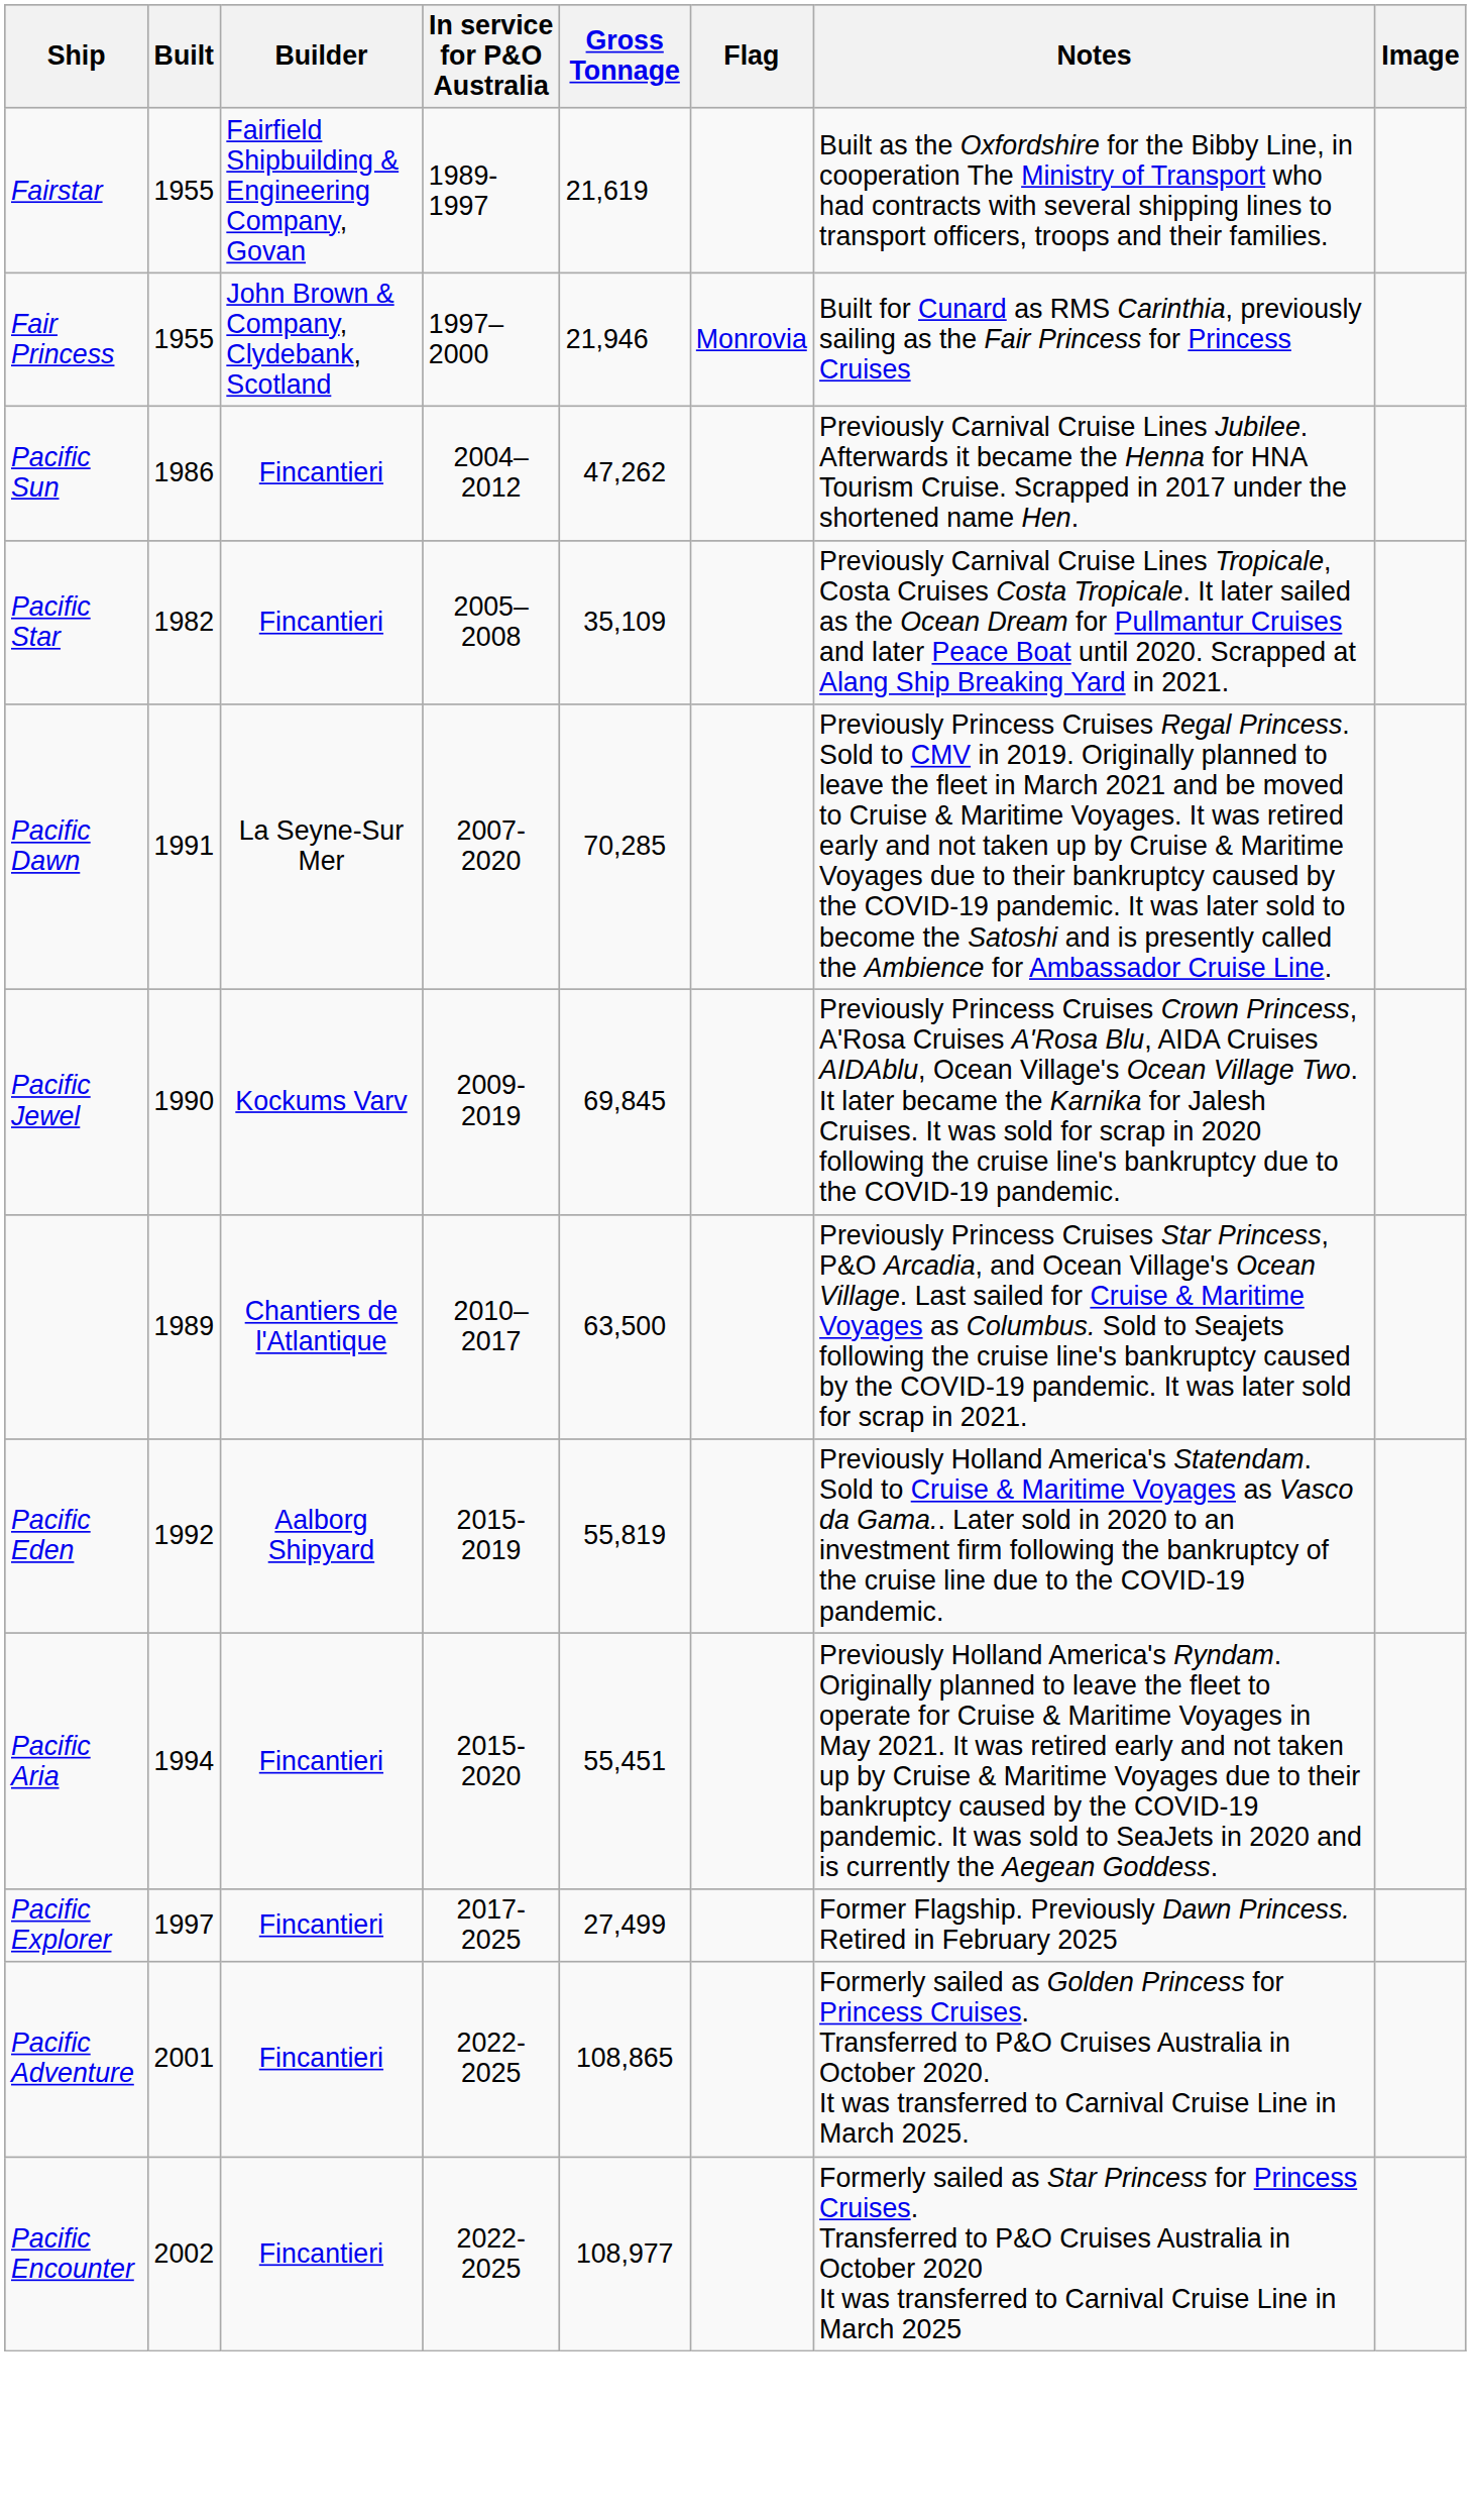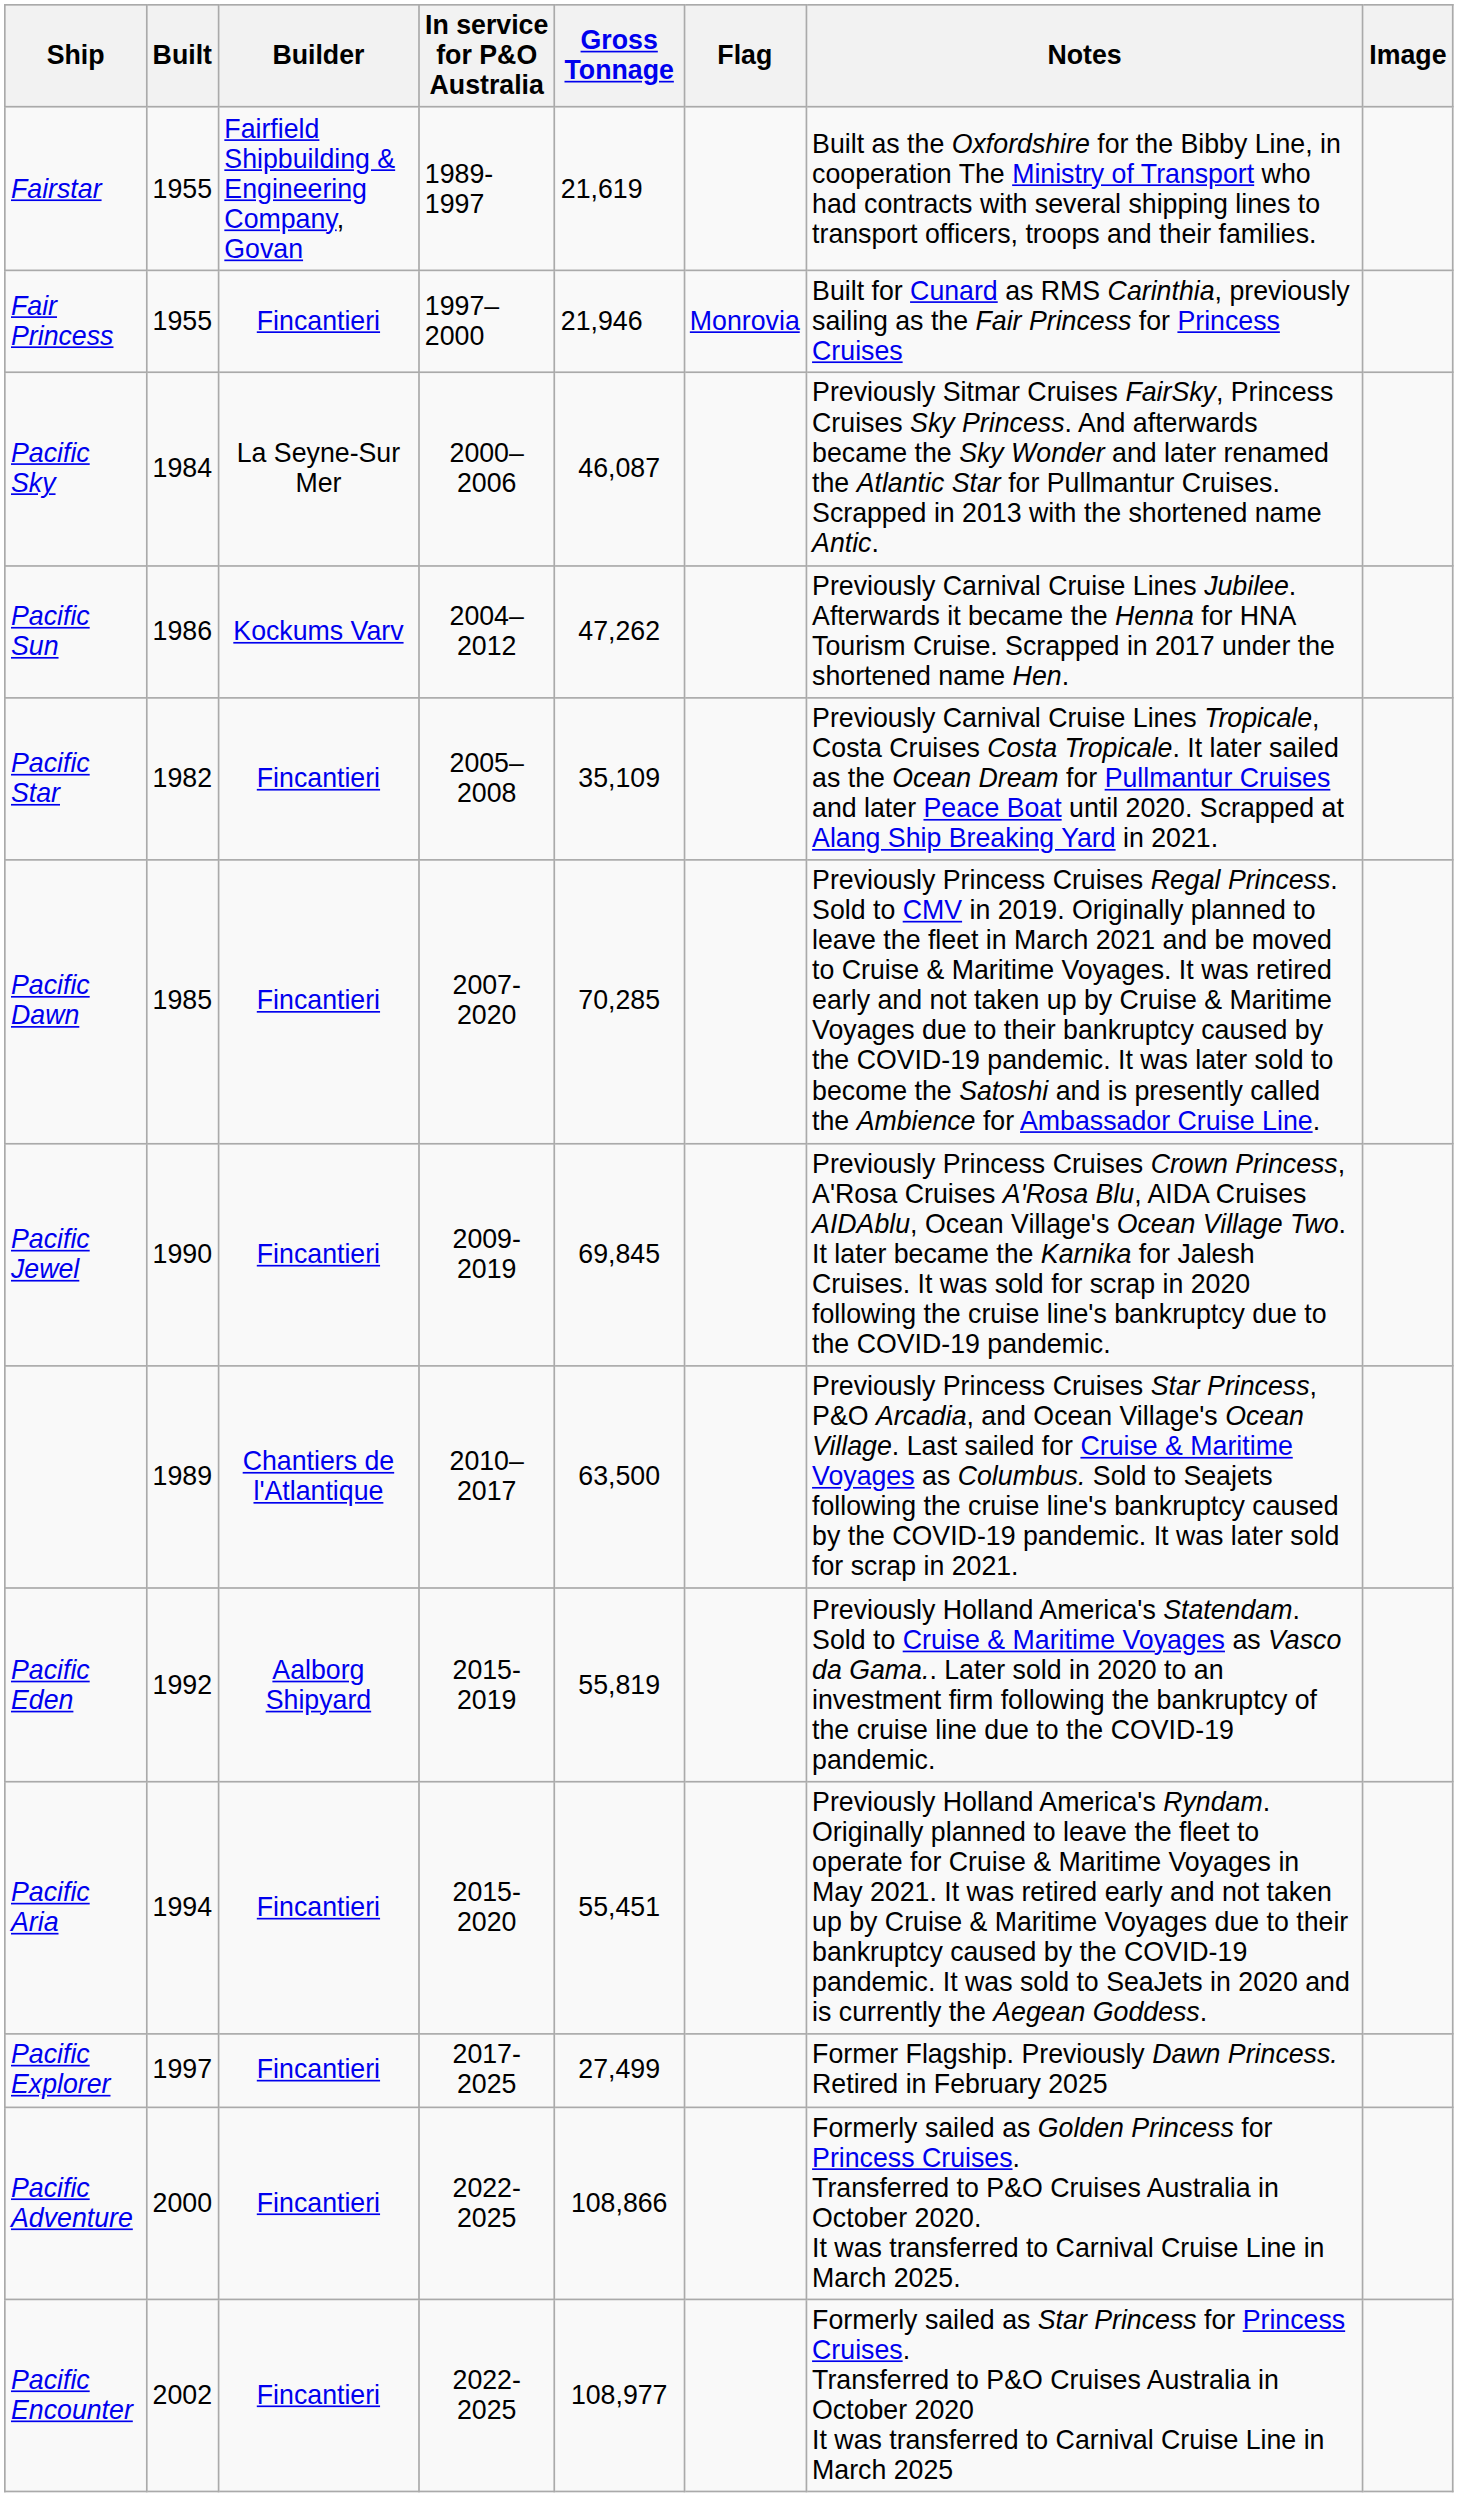 <table class="wikitable sortable">
 <tr>
 <th>Ship</th>
 <th>Built</th>
 <th>Builder</th>
 <th>In service <br>for P&O Australia</th>
 <th><a href='#'>Gross Tonnage</a></th>
 <th>Flag</th>
 <th>Notes</th>
 <th>Image</th>
 </tr>
 <tr>
 <td><em><a href='#'>Fairstar</a></em></td>
 <td>1955</td>
 <td><a href='#'>Fairfield Shipbuilding & Engineering Company</a>, <a href='#'>Govan</a></td>
 <td>1989-1997</td>
 <td>21,619</td>
 <td></td>
 <td>Built as the <em>Oxfordshire</em> for the Bibby Line, in cooperation The <a href='#'>Ministry of Transport</a> who had contracts with several shipping lines to transport officers, troops and their families.</td>
 <td></td>
 </tr>
 <tr>
 <td><em><a href='#'>Fair Princess</a></em></td>
 <td>1955</td>
-<td><a href='#'>John Brown & Company</a>, <a href='#'>Clydebank</a>, <a href='#'>Scotland</a></td>
+<td style="text-align:Center;"><a href='#'>Fincantieri</a></td>
 <td>1997–2000</td>
 <td>21,946</td>
 <td><a href='#'>Monrovia</a></td>
 <td>Built for <a href='#'>Cunard</a> as RMS <em>Carinthia</em>, previously sailing as the <em>Fair Princess</em> for <a href='#'>Princess Cruises</a></td>
 <td></td>
 </tr>
 <tr>
+<td><em><a href='#'>Pacific Sky</a></em></td>
+<td style="text-align:Center;">1984</td>
+<td style="text-align:Center;">La Seyne-Sur Mer</td>
+<td style="text-align:Center;">2000–2006</td>
+<td style="text-align:Center;">46,087</td>
+<td style="text-align:Center;"></td>
+<td style="text-align:Left;">Previously Sitmar Cruises <em>FairSky</em>, Princess Cruises <em>Sky Princess</em>. And afterwards became the <em>Sky Wonder</em> and later renamed the <em>Atlantic Star</em> for Pullmantur Cruises. Scrapped in 2013 with the shortened name <em>Antic</em>.</td>
+<td></td>
+</tr>
+<tr>
 <td><em><a href='#'>Pacific Sun</a></em></td>
 <td align="Center">1986</td>
-<td style="text-align:Center;"><a href='#'>Fincantieri</a></td>
+<td style="text-align:Center;"><a href='#'>Kockums Varv</a></td>
 <td style="text-align:Center;">2004–2012</td>
 <td style="text-align:Center;">47,262</td>
 <td style="text-align:Center;"></td>
 <td align="Left">Previously Carnival Cruise Lines <em>Jubilee</em>. Afterwards it became the <em>Henna</em> for HNA Tourism Cruise. Scrapped in 2017 under the shortened name <em>Hen</em>.</td>
 <td></td>
 </tr>
 <tr>
 <td><em><a href='#'>Pacific Star</a></em></td>
 <td style="text-align:Center;">1982</td>
 <td style="text-align:Center;"><a href='#'>Fincantieri</a></td>
 <td style="text-align:Center;">2005–2008</td>
 <td style="text-align:Center;">35,109</td>
 <td style="text-align:Center;"></td>
 <td style="text-align:Left;">Previously Carnival Cruise Lines <em>Tropicale</em>, Costa Cruises <em>Costa Tropicale</em>. It later sailed as the <em>Ocean Dream</em> for <a href='#'>Pullmantur Cruises</a> and later <a href='#'>Peace Boat</a> until 2020. Scrapped at <a href='#'>Alang Ship Breaking Yard</a> in 2021.</td>
 <td></td>
 </tr>
 <tr>
 <td><em><a href='#'>Pacific Dawn</a></em></td>
-<td align="Center">1991</td>
-<td style="text-align:Center;">La Seyne-Sur Mer</td>
+<td align="Center">1985</td>
+<td style="text-align:Center;"><a href='#'>Fincantieri</a></td>
 <td style="text-align:Center;">2007-2020</td>
 <td style="text-align:Center;">70,285</td>
 <td style="text-align:Center;"></td>
 <td align="Left">Previously Princess Cruises <em>Regal Princess</em>. Sold to <a href='#'>CMV</a> in 2019. Originally planned to leave the fleet in March 2021 and be moved to  Cruise & Maritime Voyages. It was retired early and not taken up by Cruise & Maritime Voyages due to their bankruptcy caused by the COVID-19 pandemic. It was later sold to become the <em>Satoshi</em> and is presently called the <em>Ambience</em> for <a href='#'>Ambassador Cruise Line</a>.</td>
 <td></td>
 </tr>
 <tr>
 <td><em><a href='#'>Pacific Jewel</a></em></td>
 <td style="text-align:Center;">1990</td>
-<td style="text-align:Center;"><a href='#'>Kockums Varv</a></td>
+<td style="text-align:Center;"><a href='#'>Fincantieri</a></td>
 <td style="text-align:Center;">2009-2019</td>
 <td style="text-align:Center;">69,845</td>
 <td style="text-align:Center;"></td>
 <td>Previously Princess Cruises <em>Crown Princess</em>, A'Rosa Cruises <em>A'Rosa Blu</em>, AIDA Cruises <em>AIDAblu</em>, Ocean Village's <em>Ocean Village Two</em>. It later became the <em>Karnika</em> for Jalesh Cruises. It was sold for scrap in 2020 following the cruise line's bankruptcy due to the COVID-19 pandemic.</td>
 <td></td>
 </tr>
 <tr>
 <td></td>
 <td style="text-align:Center;">1989</td>
 <td style="text-align:Center;"><a href='#'>Chantiers de l'Atlantique</a></td>
 <td style="text-align:Center;">2010–2017</td>
 <td style="text-align:Center;">63,500</td>
 <td style="text-align:Center;"></td>
 <td style="text-align:Left;">Previously Princess Cruises <em>Star Princess</em>, P&O <em>Arcadia</em>, and Ocean Village's <em>Ocean Village</em>. Last sailed for <a href='#'>Cruise & Maritime Voyages</a> as <em>Columbus.</em> Sold to Seajets following the cruise line's bankruptcy caused by the COVID-19 pandemic. It was later sold for scrap in 2021.</td>
 <td></td>
 </tr>
 <tr>
 <td><em><a href='#'>Pacific Eden</a></em></td>
 <td style="text-align:Center;">1992</td>
 <td style="text-align:Center;"><a href='#'>Aalborg Shipyard</a></td>
 <td style="text-align:Center;">2015-2019</td>
 <td style="text-align:Center;">55,819</td>
 <td style="text-align:Center;"></td>
 <td align="Left">Previously Holland America's <em>Statendam</em>. Sold to <a href='#'>Cruise & Maritime Voyages</a> as <em>Vasco da Gama.</em>. Later sold in 2020 to an investment firm following the bankruptcy of the cruise line due to the COVID-19 pandemic.</td>
 <td></td>
 </tr>
 <tr>
 <td><em><a href='#'>Pacific Aria</a></em></td>
 <td align="Center">1994</td>
 <td style="text-align:Center;"><a href='#'>Fincantieri</a></td>
 <td style="text-align:Center;">2015-2020</td>
 <td style="text-align:Center;">55,451</td>
 <td style="text-align:Center;"></td>
 <td>Previously Holland America's <em>Ryndam</em>. Originally planned to leave the fleet to operate for Cruise & Maritime Voyages in May 2021. It was retired early and not taken up by Cruise & Maritime Voyages due to their bankruptcy caused by the COVID-19 pandemic. It was sold to SeaJets in 2020 and is currently the <em>Aegean Goddess</em>.</td>
 <td></td>
 </tr>
 <tr>
 <td><em><a href='#'>Pacific Explorer</a></em></td>
 <td>1997</td>
 <td style="text-align:Center;"><a href='#'>Fincantieri</a></td>
 <td style="text-align:Center;">2017-2025</td>
 <td style="text-align:Center;">27,499</td>
 <td style="text-align:Center;"></td>
 <td>Former Flagship. Previously <em>Dawn Princess.</em> <br> Retired in February 2025</td>
 <td></td>
 </tr>
 <tr>
 <td><em><a href='#'>Pacific Adventure</a></em></td>
-<td>2001</td>
+<td>2000</td>
 <td style="text-align:Center;"><a href='#'>Fincantieri</a></td>
 <td style="text-align:Center;">2022-2025</td>
-<td style="text-align:Center;">108,865</td>
+<td style="text-align:Center;">108,866</td>
 <td style="text-align:Center;"></td>
 <td>Formerly sailed as <em>Golden Princess</em> for <a href='#'>Princess Cruises</a>.<br>Transferred to P&O Cruises Australia in October 2020. <br> It was transferred to Carnival Cruise Line in March 2025.</td>
 <td></td>
 </tr>
 <tr>
 <td><em><a href='#'>Pacific Encounter</a></em></td>
 <td align="Center">2002</td>
 <td style="text-align:Center;"><a href='#'>Fincantieri</a></td>
 <td style="text-align:Center;">2022-2025</td>
 <td style="text-align:Center;">108,977</td>
 <td style="text-align:Center;"></td>
 <td align="Left">Formerly sailed as <em>Star Princess</em> for <a href='#'>Princess Cruises</a>.<br>Transferred to P&O Cruises Australia in October 2020 <br> It was transferred to Carnival Cruise Line in March 2025 </td>
 <td></td>
 </tr>
 </table>
